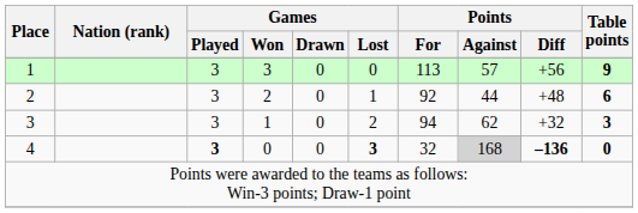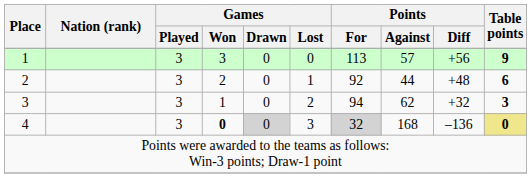 <table class="wikitable">
 <tr>
 <th rowspan=2 width="8%">Place</th>
 <th rowspan=2 width="22%">Nation (rank)</th>
 <th colspan=4 width="32%">Games</th>
 <th colspan=3 width="30%">Points</th>
 <th rowspan=2 width="10%">Table<br>points</th>
 </tr>
 <tr>
 <th width="8%">Played</th>
 <th width="8%">Won</th>
 <th width="8%">Drawn</th>
 <th width="8%">Lost</th>
 <th width="10%">For</th>
 <th width="10%">Against</th>
 <th width="10%">Diff</th>
 </tr>
 <tr>
 </tr>
 <tr bgcolor=#ccffcc align=center>
 <td>1</td>
 <td align=left></td>
 <td>3</td>
 <td>3</td>
 <td>0</td>
 <td>0</td>
 <td>113</td>
 <td>57</td>
 <td>+56</td>
 <td><strong>9</strong></td>
 </tr>
 <tr align=center>
 <td>2</td>
 <td align=left></td>
 <td>3</td>
 <td>2</td>
 <td>0</td>
 <td>1</td>
 <td>92</td>
 <td>44</td>
 <td>+48</td>
 <td><strong>6</strong></td>
 </tr>
 <tr align=center>
 <td>3</td>
 <td align=left></td>
 <td>3</td>
 <td>1</td>
 <td>0</td>
 <td>2</td>
 <td>94</td>
 <td>62</td>
 <td>+32</td>
 <td><strong>3</strong></td>
 </tr>
 <tr align=center>
 <td>4</td>
 <td align=left></td>
-<td><strong>3</strong></td>
-<td>0</td>
-<td>0</td>
-<td><strong>3</strong></td>
-<td>32</td>
-<td style="background: lightgrey;">168</td>
-<td><strong>–136</strong></td>
+<td>3</td>
 <td><strong>0</strong></td>
+<td style="background: lightgrey;">0</td>
+<td>3</td>
+<td style="background: lightgrey;">32</td>
+<td>168</td>
+<td>–136</td>
+<td style="background: khaki;"><strong>0</strong></td>
 </tr>
 <tr>
 <td colspan="100%" style="text-align:center;">Points were awarded to the teams as follows:<br>Win-3 points; Draw-1 point</td>
 </tr>
 <tr>
 </tr>
 </table>
